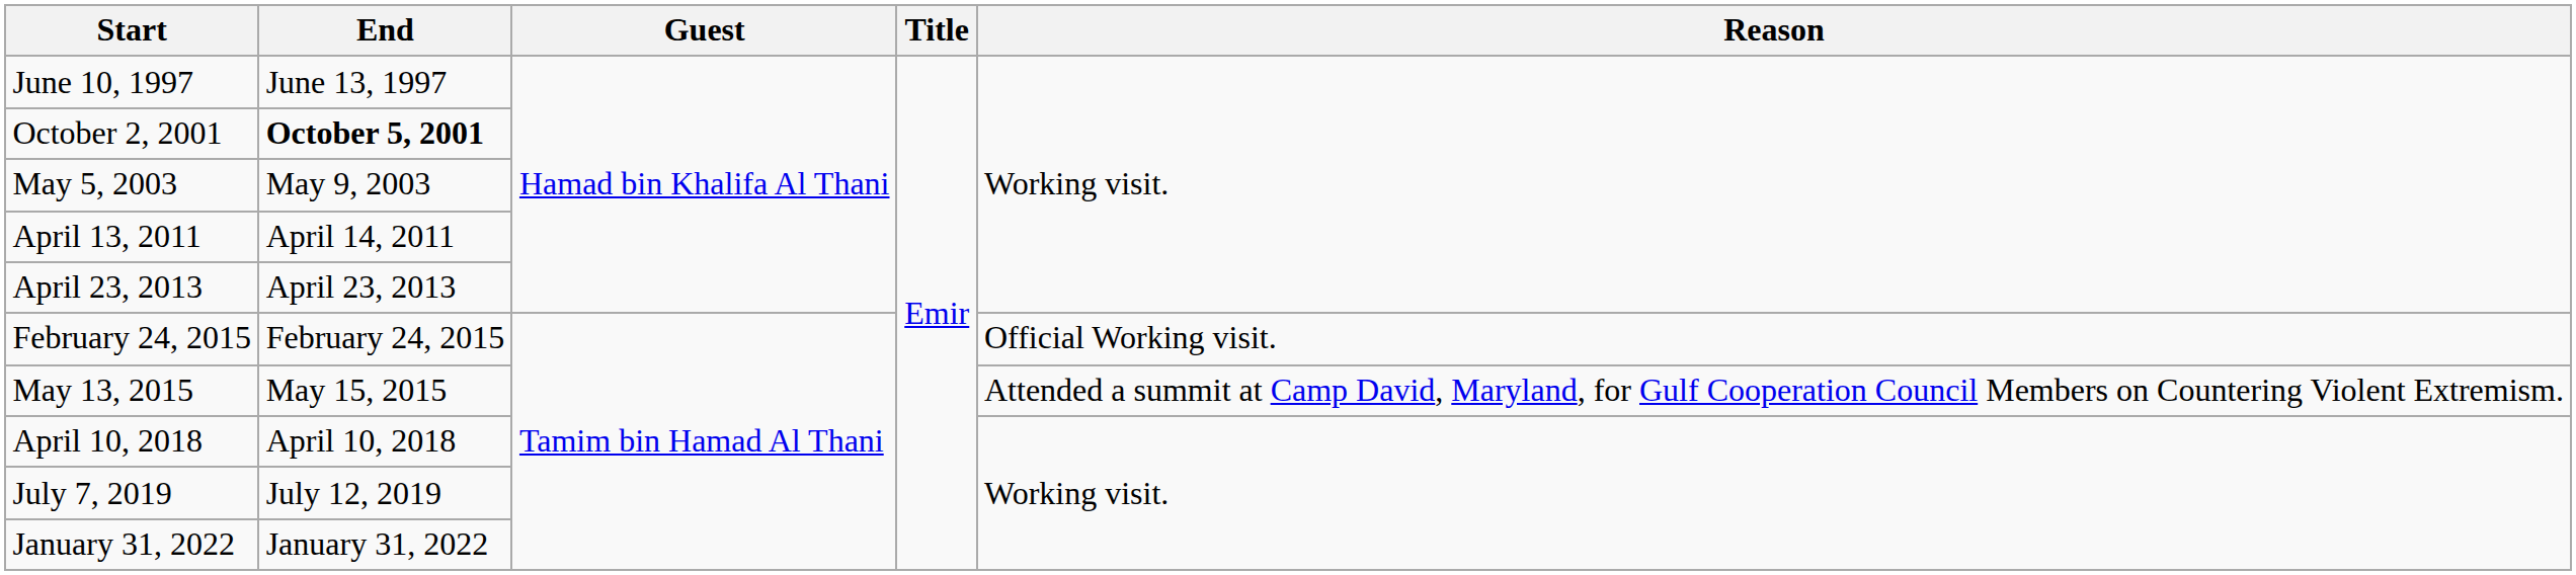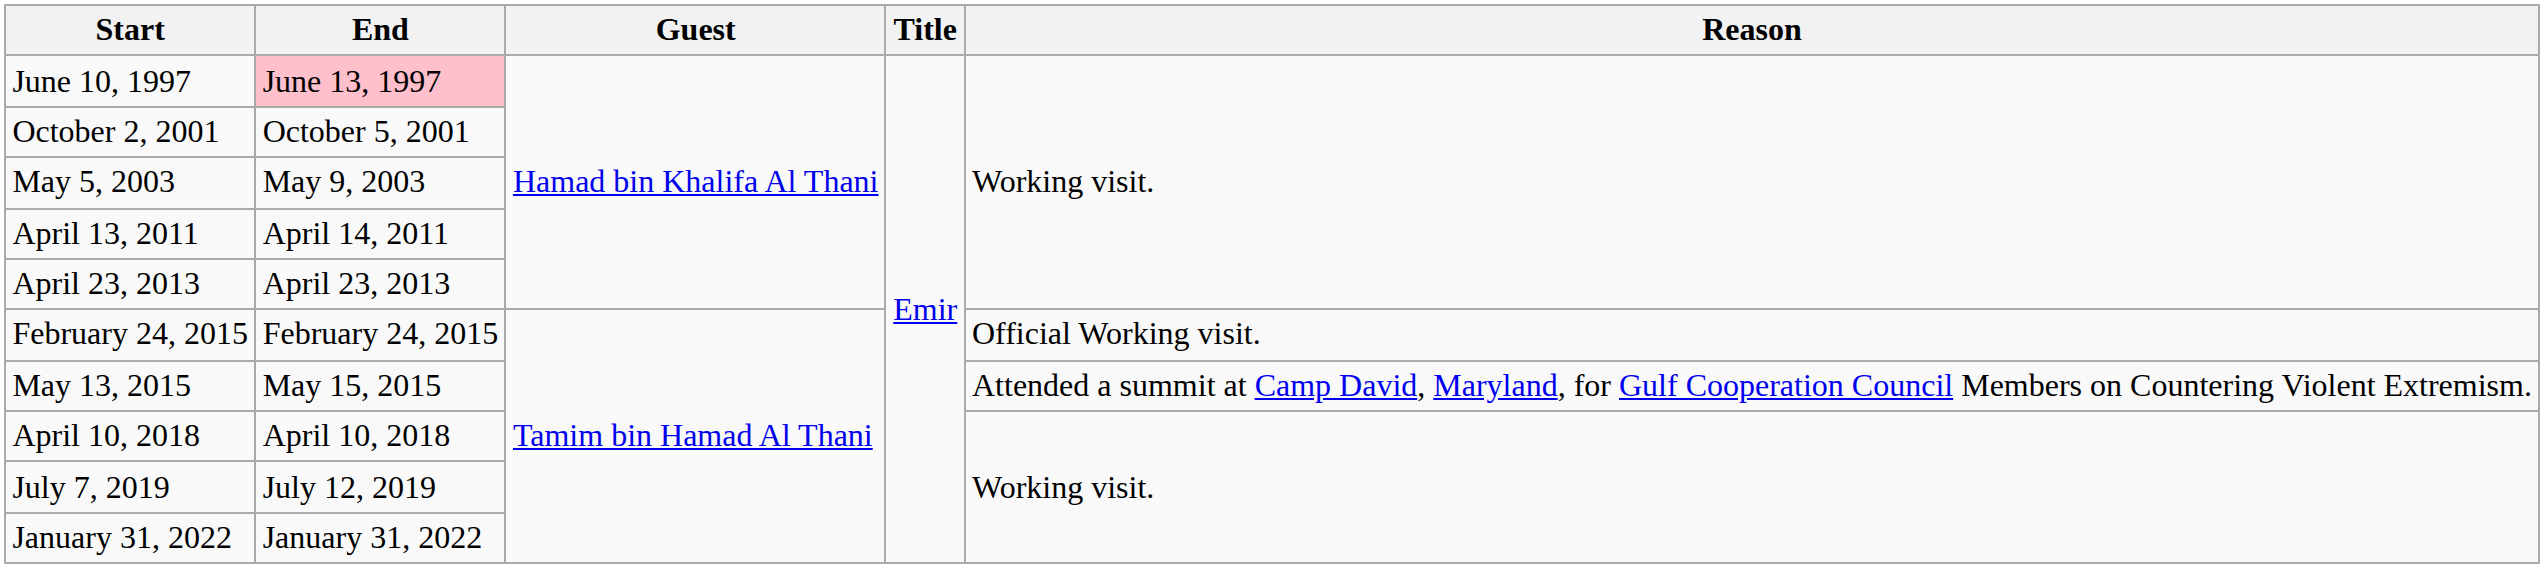 <table class="wikitable">
 <tr>
 <th>Start</th>
 <th>End</th>
 <th>Guest</th>
 <th>Title</th>
 <th>Reason</th>
 </tr>
 <tr>
 <td>June 10, 1997</td>
-<td>June 13, 1997</td>
+<td style="background: pink;">June 13, 1997</td>
 <td rowspan=5><a href='#'>Hamad bin Khalifa Al Thani</a></td>
 <td rowspan=10><a href='#'>Emir</a></td>
 <td rowspan=5>Working visit.</td>
 </tr>
 <tr>
 <td>October 2, 2001</td>
-<td><strong>October 5, 2001</strong></td>
+<td>October 5, 2001</td>
 </tr>
 <tr>
 <td>May 5, 2003</td>
 <td>May 9, 2003</td>
 </tr>
 <tr>
 <td>April 13, 2011</td>
 <td>April 14, 2011</td>
 </tr>
 <tr>
 <td>April 23, 2013</td>
 <td>April 23, 2013</td>
 </tr>
 <tr>
 <td>February 24, 2015</td>
 <td>February 24, 2015</td>
 <td rowspan=5><a href='#'>Tamim bin Hamad Al Thani</a></td>
 <td>Official Working visit.</td>
 </tr>
 <tr>
 <td>May 13, 2015</td>
 <td>May 15, 2015</td>
 <td>Attended a summit at <a href='#'>Camp David</a>, <a href='#'>Maryland</a>, for <a href='#'>Gulf Cooperation Council</a> Members on Countering Violent Extremism.</td>
 </tr>
 <tr>
 <td>April 10, 2018</td>
 <td>April 10, 2018</td>
 <td rowspan=3>Working visit.</td>
 </tr>
 <tr>
 <td>July 7, 2019</td>
 <td>July 12, 2019</td>
 </tr>
 <tr>
 <td>January 31, 2022</td>
 <td>January 31, 2022</td>
 </tr>
 </table>
